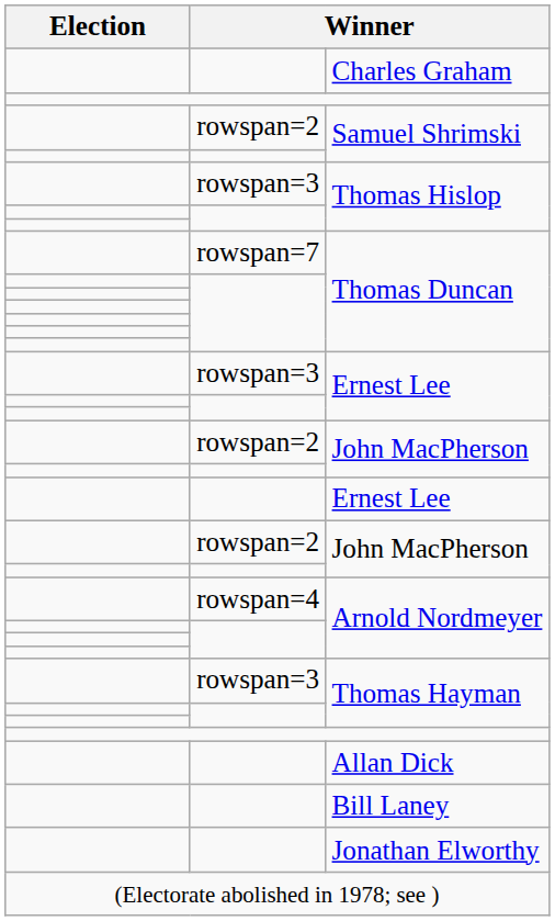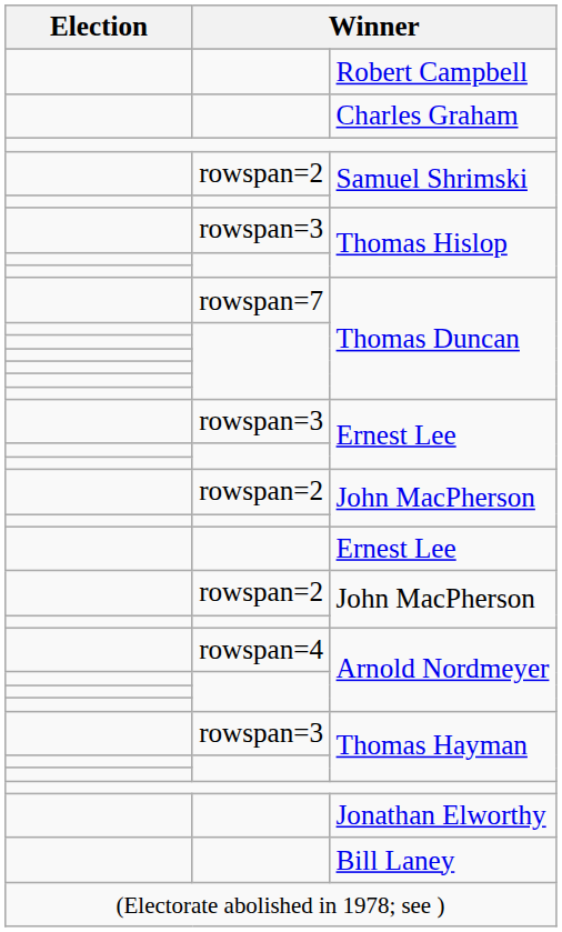 <table class=wikitable>
 <tr>
 <th width=100>Election</th>
 <th width=175 colspan=2>Winner</th>
+</tr>
+<tr>
+<td></td>
+<td></td>
+<td><a href='#'>Robert Campbell</a></td>
 </tr>
 <tr>
 <td></td>
 <td></td>
 <td><a href='#'>Charles Graham</a></td>
 </tr>
 <tr>
 <td colspan=3 align=center></td>
 </tr>
 <tr>
 <td></td>
 <td>rowspan=2 </td>
 <td rowspan=2><a href='#'>Samuel Shrimski</a></td>
 </tr>
 <tr>
 <td></td>
 </tr>
 <tr>
 <td></td>
 <td>rowspan=3 </td>
 <td rowspan=3><a href='#'>Thomas Hislop</a></td>
 </tr>
 <tr>
 <td></td>
 </tr>
 <tr>
 <td></td>
 </tr>
 <tr>
 <td></td>
 <td>rowspan=7 </td>
 <td rowspan=7><a href='#'>Thomas Duncan</a></td>
 </tr>
 <tr>
 <td></td>
 </tr>
 <tr>
 <td></td>
 </tr>
 <tr>
 <td></td>
 </tr>
 <tr>
 <td></td>
 </tr>
 <tr>
 <td></td>
 </tr>
 <tr>
 <td></td>
 </tr>
 <tr>
 <td></td>
 <td>rowspan=3 </td>
 <td rowspan=3><a href='#'>Ernest Lee</a></td>
 </tr>
 <tr>
 <td></td>
 </tr>
 <tr>
 <td></td>
 </tr>
 <tr>
 <td></td>
 <td>rowspan=2 </td>
 <td rowspan=2><a href='#'>John MacPherson</a></td>
 </tr>
 <tr>
 <td></td>
 </tr>
 <tr>
 <td></td>
 <td></td>
 <td><a href='#'>Ernest Lee</a></td>
 </tr>
 <tr>
 <td></td>
 <td>rowspan=2 </td>
 <td rowspan=2>John MacPherson</td>
 </tr>
 <tr>
 <td></td>
 </tr>
 <tr>
 <td></td>
 <td>rowspan=4 </td>
 <td rowspan=4><a href='#'>Arnold Nordmeyer</a></td>
 </tr>
 <tr>
 <td></td>
 </tr>
 <tr>
 <td></td>
 </tr>
 <tr>
 <td></td>
 </tr>
 <tr>
 <td></td>
 <td>rowspan=3 </td>
 <td rowspan=3><a href='#'>Thomas Hayman</a></td>
 </tr>
 <tr>
 <td></td>
 </tr>
 <tr>
 <td></td>
 </tr>
 <tr>
 <td colspan=3 align=center></td>
 </tr>
 <tr>
 <td></td>
 <td></td>
-<td><a href='#'>Allan Dick</a></td>
+<td><a href='#'>Jonathan Elworthy</a></td>
 </tr>
 <tr>
 <td></td>
 <td></td>
 <td><a href='#'>Bill Laney</a></td>
 </tr>
 <tr>
-<td></td>
-<td></td>
-<td><a href='#'>Jonathan Elworthy</a></td>
-</tr>
-<tr>
 <td colspan=3 align=center><small>(Electorate abolished in 1978; see )</small></td>
 </tr>
 </table>
